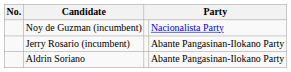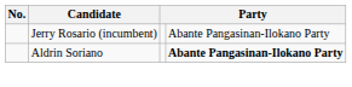 <table class="wikitable sortable" style="text-align:left;">
 <tr>
 <th>No.</th>
 <th>Candidate</th>
 <th colspan="2">Party</th>
-</tr>
-<tr>
-<td></td>
-<td>Noy de Guzman (incumbent)</td>
-<td></td>
-<td><a href='#'>Nacionalista Party</a></td>
 </tr>
 <tr>
 <td></td>
 <td>Jerry Rosario (incumbent)</td>
 <td></td>
 <td>Abante Pangasinan-Ilokano Party</td>
 </tr>
 <tr>
 <td></td>
 <td>Aldrin Soriano</td>
 <td></td>
-<td>Abante Pangasinan-Ilokano Party</td>
+<td><strong>Abante Pangasinan-Ilokano Party</strong></td>
 </tr>
 </table>
